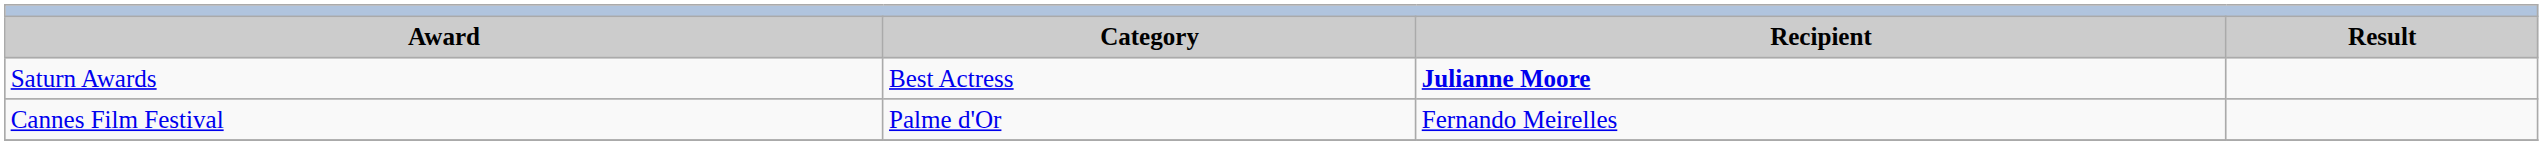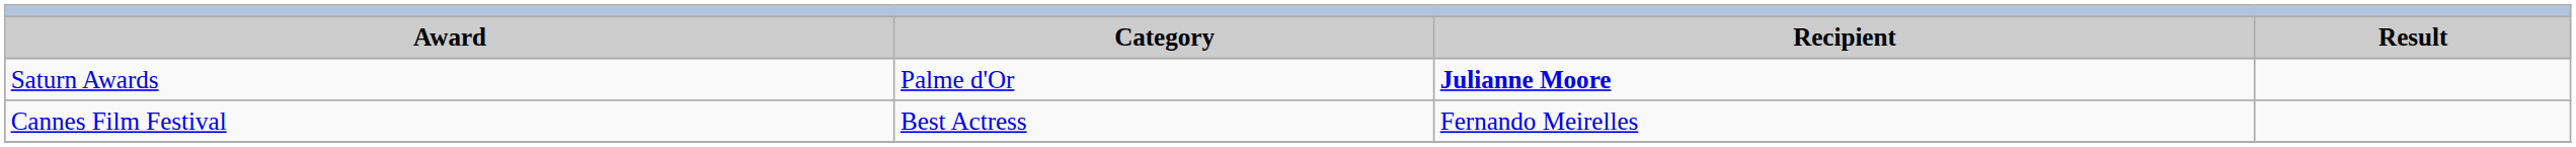 <table class="wikitable" style="font-size: 95%;" width="97%" wigborder="2" cellpadding="3" background: #f9f9f9;>
 <tr align="center">
 <th colspan="4" style="background:#B0C4DE;"></th>
 </tr>
 <tr align="center">
 <th style="background: #CCCCCC;">Award</th>
 <th style="background: #CCCCCC;">Category</th>
 <th style="background: #CCCCCC;">Recipient</th>
 <th style="background: #CCCCCC;">Result</th>
 </tr>
 <tr>
 <td><a href='#'>Saturn Awards</a></td>
-<td><a href='#'>Best Actress</a></td>
+<td><a href='#'>Palme d'Or</a></td>
 <td><strong><a href='#'>Julianne Moore</a></strong></td>
 <td></td>
 </tr>
 <tr>
 <td><a href='#'>Cannes Film Festival</a></td>
-<td><a href='#'>Palme d'Or</a></td>
+<td><a href='#'>Best Actress</a></td>
 <td><a href='#'>Fernando Meirelles</a></td>
 <td></td>
 </tr>
 <tr>
 </tr>
 </table>
